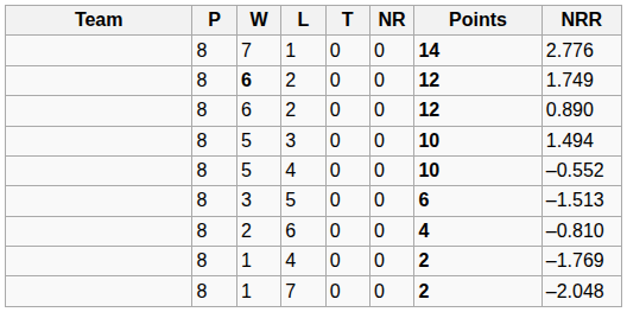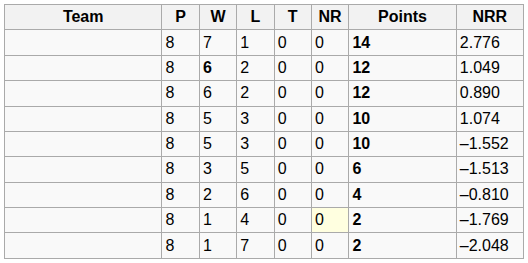 <table class="wikitable">
 <tr>
 <th width=150>Team</th>
 <th width=30 abbr="Played">P</th>
 <th width=30 abbr="Won">W</th>
 <th width=30 abbr="Lost">L</th>
 <th width=30 abbr="Tied">T</th>
 <th width=30 abbr="No result">NR</th>
 <th width=100 abbr="Points">Points</th>
 <th width=60 abbr="Net run rate">NRR</th>
 </tr>
 <tr>
 <td align="left"></td>
 <td>8</td>
 <td>7</td>
 <td>1</td>
 <td>0</td>
 <td>0</td>
 <td><strong>14</strong></td>
 <td>2.776</td>
 </tr>
 <tr>
 <td align="left"></td>
 <td>8</td>
 <td><strong>6</strong></td>
 <td>2</td>
 <td>0</td>
 <td>0</td>
 <td><strong>12</strong></td>
-<td>1.749</td>
+<td>1.049</td>
 </tr>
 <tr>
 <td align="left"></td>
 <td>8</td>
 <td>6</td>
 <td>2</td>
 <td>0</td>
 <td>0</td>
 <td><strong>12</strong></td>
 <td>0.890</td>
 </tr>
 <tr>
 <td align="left"></td>
 <td>8</td>
 <td>5</td>
 <td>3</td>
 <td>0</td>
 <td>0</td>
 <td><strong>10</strong></td>
-<td>1.494</td>
+<td>1.074</td>
 </tr>
 <tr>
 <td align="left"></td>
 <td>8</td>
 <td>5</td>
-<td>4</td>
+<td>3</td>
 <td>0</td>
 <td>0</td>
 <td><strong>10</strong></td>
-<td>–0.552</td>
+<td>–1.552</td>
 </tr>
 <tr>
 <td align="left"></td>
 <td>8</td>
 <td>3</td>
 <td>5</td>
 <td>0</td>
 <td>0</td>
 <td><strong>6</strong></td>
 <td>–1.513</td>
 </tr>
 <tr>
 <td align="left"></td>
 <td>8</td>
 <td>2</td>
 <td>6</td>
 <td>0</td>
 <td>0</td>
 <td><strong>4</strong></td>
 <td>–0.810</td>
 </tr>
 <tr>
 <td align="left"></td>
 <td>8</td>
 <td>1</td>
 <td>4</td>
 <td>0</td>
-<td>0</td>
+<td style="background: lightyellow;">0</td>
 <td><strong>2</strong></td>
 <td>–1.769</td>
 </tr>
 <tr>
 <td align="left"></td>
 <td>8</td>
 <td>1</td>
 <td>7</td>
 <td>0</td>
 <td>0</td>
 <td><strong>2</strong></td>
 <td>–2.048</td>
 </tr>
 <tr>
 </tr>
 </table>
